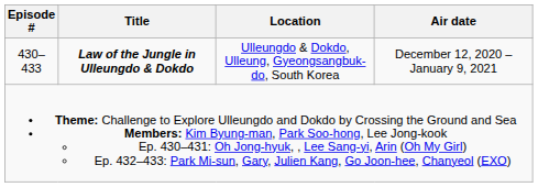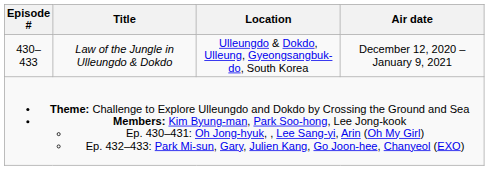 <table class="wikitable" style="text-align:center; font-size:90%; width:100%;">
 <tr>
 <th width="10%">Episode #</th>
 <th width="30%">Title</th>
 <th width="30%">Location</th>
 <th width="30%">Air date</th>
 </tr>
 <tr>
 <td>430–433</td>
-<td><strong><em>Law of the Jungle in Ulleungdo & Dokdo</em></strong></td>
+<td><em>Law of the Jungle in Ulleungdo & Dokdo</em></td>
 <td><a href='#'>Ulleungdo</a> & <a href='#'>Dokdo</a>, <a href='#'>Ulleung</a>, <a href='#'>Gyeongsangbuk-do</a>, South Korea</td>
 <td>December 12, 2020 – January 9, 2021</td>
 </tr>
 <tr>
 <td colspan="4"><br><ul><li><strong>Theme:</strong> Challenge to Explore Ulleungdo and Dokdo by Crossing the Ground and Sea</li><li><strong>Members:</strong> <a href='#'>Kim Byung-man</a>, <a href='#'>Park Soo-hong</a>, Lee Jong-kook<ul><li>Ep. 430–431: <a href='#'>Oh Jong-hyuk</a>, , <a href='#'>Lee Sang-yi</a>, <a href='#'>Arin</a> (<a href='#'>Oh My Girl</a>)</li><li>Ep. 432–433: <a href='#'>Park Mi-sun</a>, <a href='#'>Gary</a>, <a href='#'>Julien Kang</a>, <a href='#'>Go Joon-hee</a>, <a href='#'>Chanyeol</a> (<a href='#'>EXO</a>)</li></ul></li></ul></td>
 </tr>
 </table>
